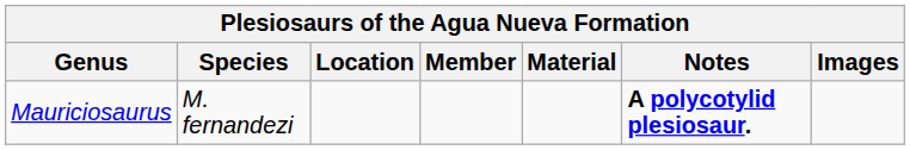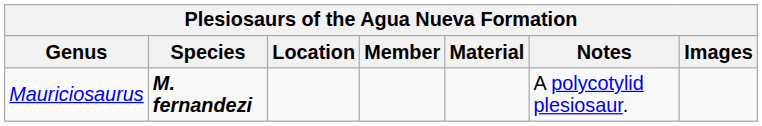 <table class="wikitable" align="center">
 <tr>
 <th colspan="7" align="center">Plesiosaurs of the Agua Nueva Formation</th>
 </tr>
 <tr>
 <th>Genus</th>
 <th>Species</th>
 <th>Location</th>
 <th>Member</th>
 <th>Material</th>
 <th>Notes</th>
 <th>Images</th>
 </tr>
 <tr>
 <td><em><a href='#'>Mauriciosaurus</a></em></td>
-<td><em>M. fernandezi</em></td>
+<td><strong><em>M. fernandezi</em></strong></td>
 <td></td>
 <td></td>
 <td></td>
-<td><strong>A <a href='#'>polycotylid</a> <a href='#'>plesiosaur</a>.</strong></td>
+<td>A <a href='#'>polycotylid</a> <a href='#'>plesiosaur</a>.</td>
 <td></td>
 </tr>
 </table>
